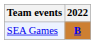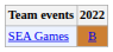 <table style='font-size: 90%; text-align:center;' class='wikitable'>
 <tr>
 <th>Team events</th>
 <th>2022</th>
 </tr>
 <tr>
 <td bgcolor="#ECF2FF"; align="left"><a href='#'>SEA Games</a></td>
-<td bgcolor=CD7F32><strong><a href='#'>B</a></strong></td>
+<td bgcolor=CD7F32><a href='#'>B</a></td>
 </tr>
 </table>
